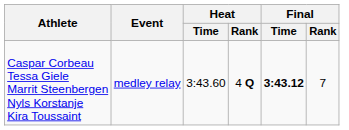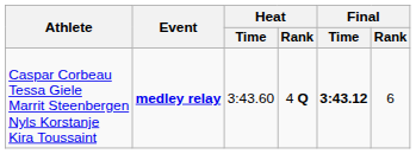 <table class=wikitable style="font-size:90%;">
 <tr>
 <th rowspan=2>Athlete</th>
 <th rowspan=2>Event</th>
 <th colspan=2>Heat</th>
 <th colspan=2>Final</th>
 </tr>
 <tr style="font-size:95%">
 <th>Time</th>
 <th>Rank</th>
 <th>Time</th>
 <th>Rank</th>
 </tr>
 <tr align=center>
 <td align=left><br><a href='#'>Caspar Corbeau</a><br><a href='#'>Tessa Giele</a><br><a href='#'>Marrit Steenbergen</a><br><a href='#'>Nyls Korstanje</a><br><a href='#'>Kira Toussaint</a></td>
-<td align=left><a href='#'> medley relay</a></td>
+<td align=left><strong><a href='#'> medley relay</a></strong></td>
 <td>3:43.60</td>
 <td>4 <strong>Q</strong></td>
 <td><strong>3:43.12</strong></td>
-<td>7</td>
+<td>6</td>
 </tr>
 </table>
